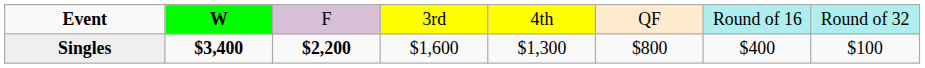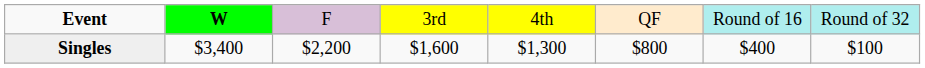 <table class=wikitable style=font-size:95%;text-align:center>
 <tr>
 <td style="width:130px"><strong>Event</strong></td>
 <td style="width:85px; background:lime"><strong>W</strong></td>
 <td style="width:85px; background:thistle">F</td>
 <td style="width:85px; background:#ffff00">3rd</td>
 <td style="width:85px; background:#ffff00">4th</td>
 <td style="width:85px; background:#ffebcd">QF</td>
 <td style="width:85px; background:#afeeee">Round of 16</td>
 <td style="width:85px; background:#afeeee">Round of 32</td>
 </tr>
 <tr>
 <th style=background:#efefef>Singles </th>
-<td><strong>$3,400</strong></td>
-<td><strong>$2,200</strong></td>
+<td>$3,400</td>
+<td>$2,200</td>
 <td>$1,600</td>
 <td>$1,300</td>
 <td>$800</td>
 <td>$400</td>
 <td>$100</td>
 </tr>
 </table>
